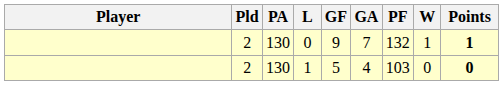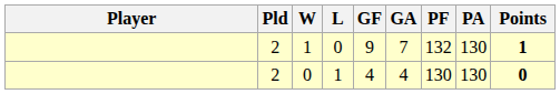 <table class="wikitable" style="text-align:center;">
 <tr>
 <th width=220>Player</th>
 <th width=20>Pld</th>
-<th width=20>PA</th>
+<th width=20>W</th>
 <th width=20>L</th>
 <th width=20>GF</th>
 <th width=20>GA</th>
 <th width=20>PF</th>
-<th width=20>W</th>
+<th width=20>PA</th>
 <th width=50>Points</th>
 </tr>
 <tr style="background:#ffffcc;">
 <td style="text-align:left;"></td>
 <td>2</td>
-<td>130</td>
+<td>1</td>
 <td>0</td>
 <td>9</td>
 <td>7</td>
 <td>132</td>
-<td>1</td>
+<td>130</td>
 <td><strong>1</strong></td>
 </tr>
 <tr style="background:#ffffcc;">
 <td style="text-align:left;"></td>
 <td>2</td>
+<td>0</td>
+<td>1</td>
+<td>4</td>
+<td>4</td>
 <td>130</td>
-<td>1</td>
-<td>5</td>
-<td>4</td>
-<td>103</td>
-<td>0</td>
+<td>130</td>
 <td><strong>0</strong></td>
 </tr>
 </table>
